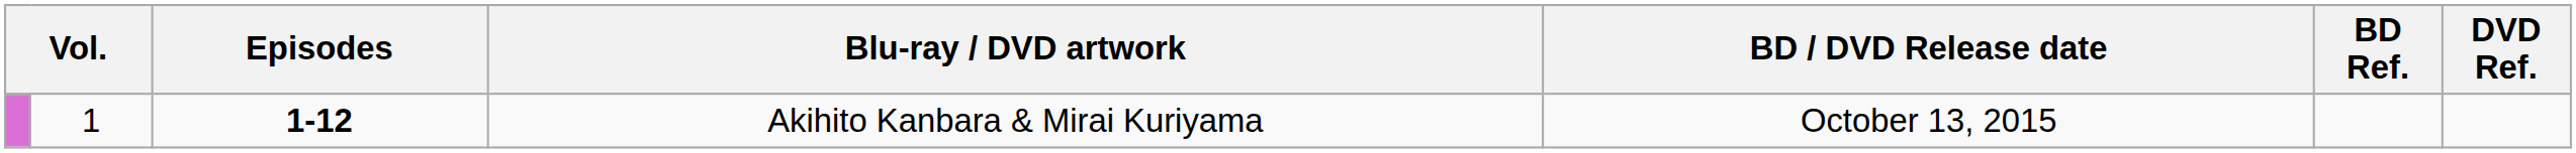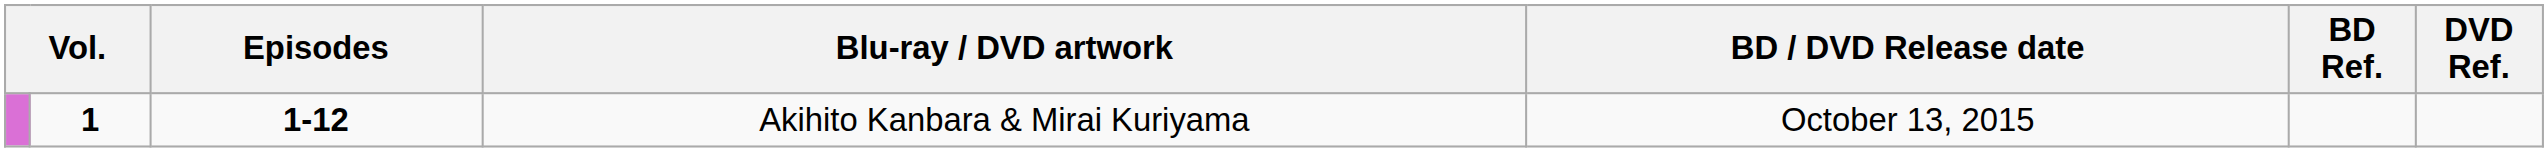 <table class="wikitable" style="text-align: center; width: 98%;">
 <tr>
 <th colspan="2">Vol.</th>
 <th>Episodes</th>
 <th>Blu-ray / DVD artwork</th>
 <th>BD / DVD Release date</th>
 <th width="5%">BD Ref.</th>
 <th width="5%">DVD Ref.</th>
 </tr>
 <tr>
 <td width="1%" style="background: Orchid;"></td>
-<td>1</td>
+<td><strong>1</strong></td>
 <td><strong>1-12</strong></td>
 <td>Akihito Kanbara & Mirai Kuriyama</td>
 <td>October 13, 2015</td>
 <td></td>
 <td></td>
 </tr>
 </table>
